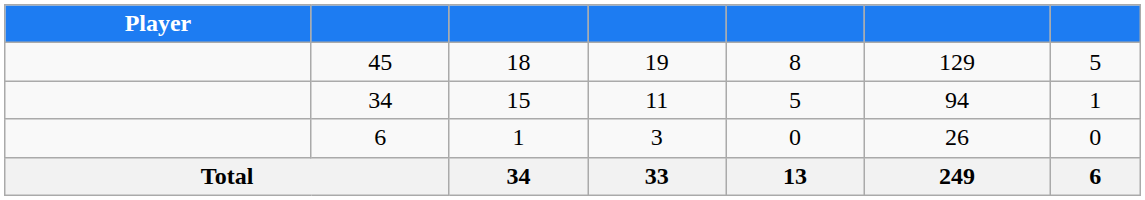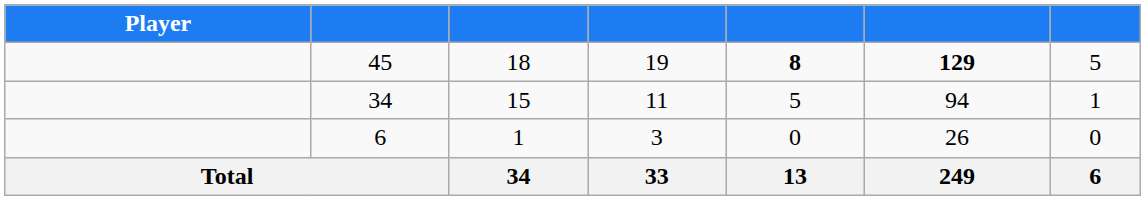 <table class="wikitable sortable" style="width:60%; text-align:center;">
 <tr>
 <th style="color:white; background:#1D7CF2; ">Player</th>
 <th style="color:white; background:#1D7CF2; "></th>
 <th style="color:white; background:#1D7CF2; "></th>
 <th style="color:white; background:#1D7CF2; "></th>
 <th style="color:white; background:#1D7CF2; "></th>
 <th style="color:white; background:#1D7CF2; "></th>
 <th style="color:white; background:#1D7CF2; "></th>
 </tr>
 <tr>
 <td></td>
 <td>45</td>
 <td>18</td>
 <td>19</td>
-<td>8</td>
-<td>129</td>
+<td><strong>8</strong></td>
+<td><strong>129</strong></td>
 <td>5</td>
 </tr>
 <tr>
 <td></td>
 <td>34</td>
 <td>15</td>
 <td>11</td>
 <td>5</td>
 <td>94</td>
 <td>1</td>
 </tr>
 <tr>
 <td></td>
 <td>6</td>
 <td>1</td>
 <td>3</td>
 <td>0</td>
 <td>26</td>
 <td>0</td>
 </tr>
 <tr class="sortbottom">
 <th colspan=2>Total</th>
 <th>34</th>
 <th>33</th>
 <th>13</th>
 <th>249</th>
 <th>6</th>
 </tr>
 </table>
